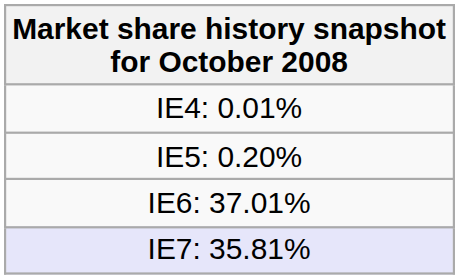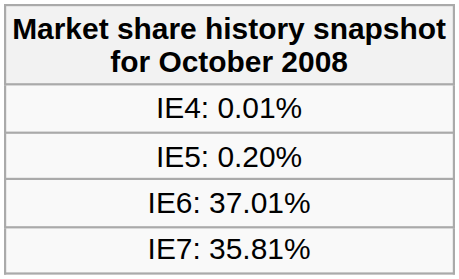 <table class="wikitable floatright"  style="font-size:85%; text-align:center;">
 <tr>
 <th>Market share history snapshot<br>for October 2008</th>
 </tr>
 <tr>
 <td>IE4: 0.01%</td>
 </tr>
 <tr>
 <td>IE5: 0.20%</td>
 </tr>
 <tr>
 <td>IE6: 37.01%</td>
 </tr>
 <tr>
-<td style="background: lavender;">IE7: 35.81%</td>
+<td>IE7: 35.81%</td>
 </tr>
 </table>
